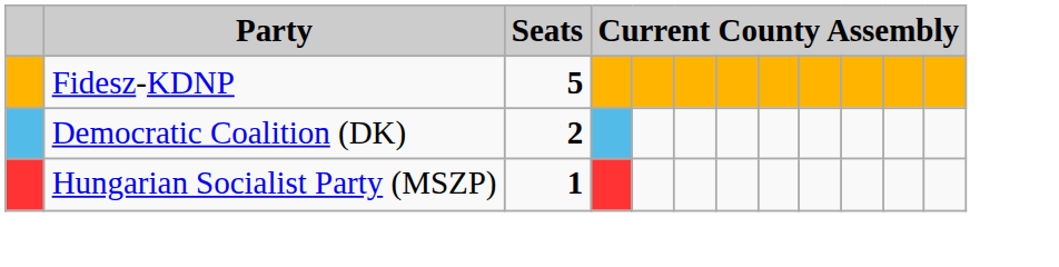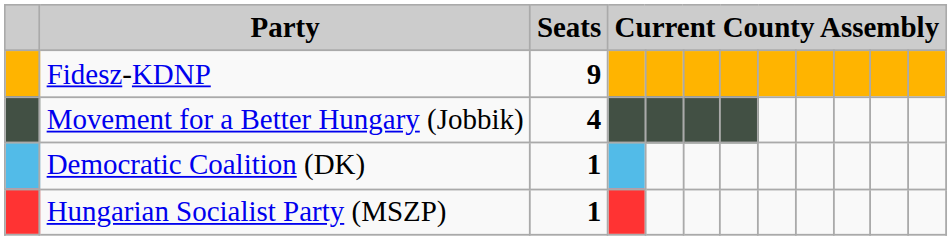 <table class="wikitable">
 <tr>
 <th style="background:#ccc">   </th>
 <th style="background:#ccc">Party</th>
 <th style="background:#ccc">Seats</th>
 <th style="background:#ccc" colspan="9">Current County Assembly</th>
 </tr>
 <tr>
 <td style="background-color: #FFB400"> </td>
 <td><a href='#'>Fidesz</a>-<a href='#'>KDNP</a></td>
-<td style="text-align: right"><strong>5</strong></td>
+<td style="text-align: right"><strong>9</strong></td>
 <td style="background-color: #FFB400"> </td>
 <td style="background-color: #FFB400"> </td>
 <td style="background-color: #FFB400"> </td>
 <td style="background-color: #FFB400"> </td>
 <td style="background-color: #FFB400"> </td>
 <td style="background-color: #FFB400"> </td>
 <td style="background-color: #FFB400"> </td>
 <td style="background-color: #FFB400"> </td>
 <td style="background-color: #FFB400"> </td>
 </tr>
 <tr>
+<td style="background-color: #425044"> </td>
+<td><a href='#'>Movement for a Better Hungary</a> (Jobbik)</td>
+<td style="text-align: right"><strong>4</strong></td>
+<td style="background-color: #425044"> </td>
+<td style="background-color: #425044"> </td>
+<td style="background-color: #425044"> </td>
+<td style="background-color: #425044"> </td>
+<td> </td>
+<td> </td>
+<td> </td>
+<td> </td>
+<td> </td>
+</tr>
+<tr>
 <td style="background-color: #52BBE8"> </td>
 <td><a href='#'>Democratic Coalition</a> (DK)</td>
-<td style="text-align: right"><strong>2</strong></td>
+<td style="text-align: right"><strong>1</strong></td>
 <td style="background-color: #52BBE8"> </td>
 <td> </td>
 <td> </td>
 <td> </td>
 <td> </td>
 <td> </td>
 <td> </td>
 <td> </td>
 <td> </td>
 </tr>
 <tr>
 <td style="background-color: #FF3333"> </td>
 <td><a href='#'>Hungarian Socialist Party</a> (MSZP)</td>
 <td style="text-align: right"><strong>1</strong></td>
 <td style="background-color: #FF3333"> </td>
 <td> </td>
 <td> </td>
 <td> </td>
 <td> </td>
 <td> </td>
 <td> </td>
 <td> </td>
 <td> </td>
 </tr>
 </table>
